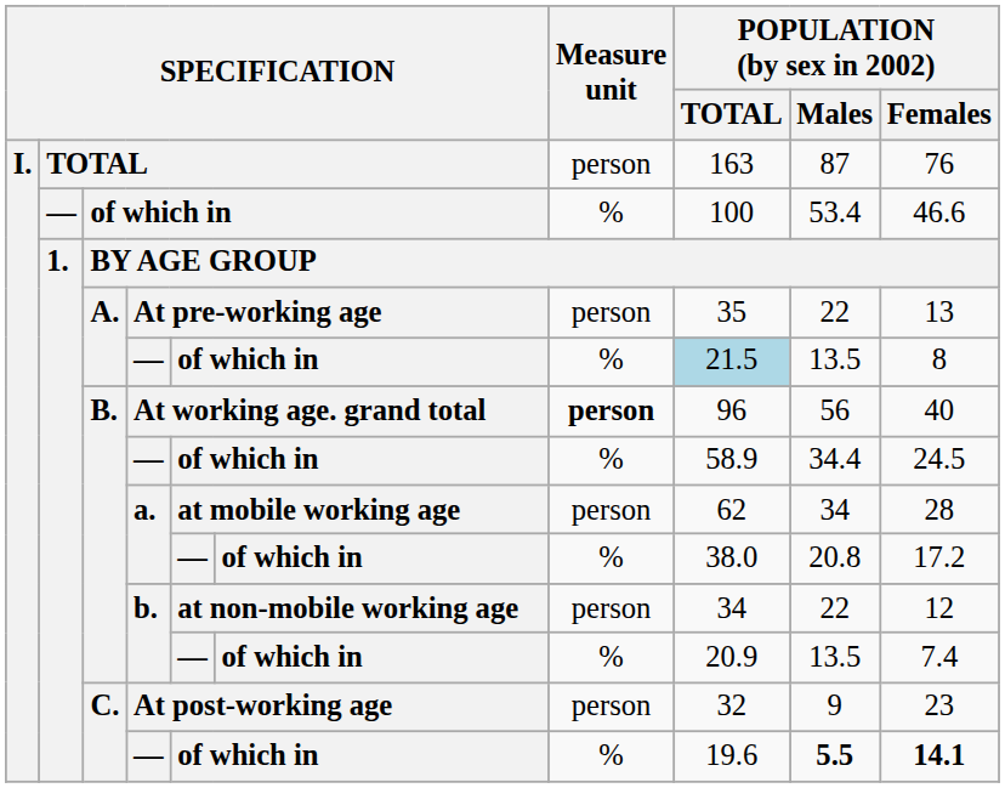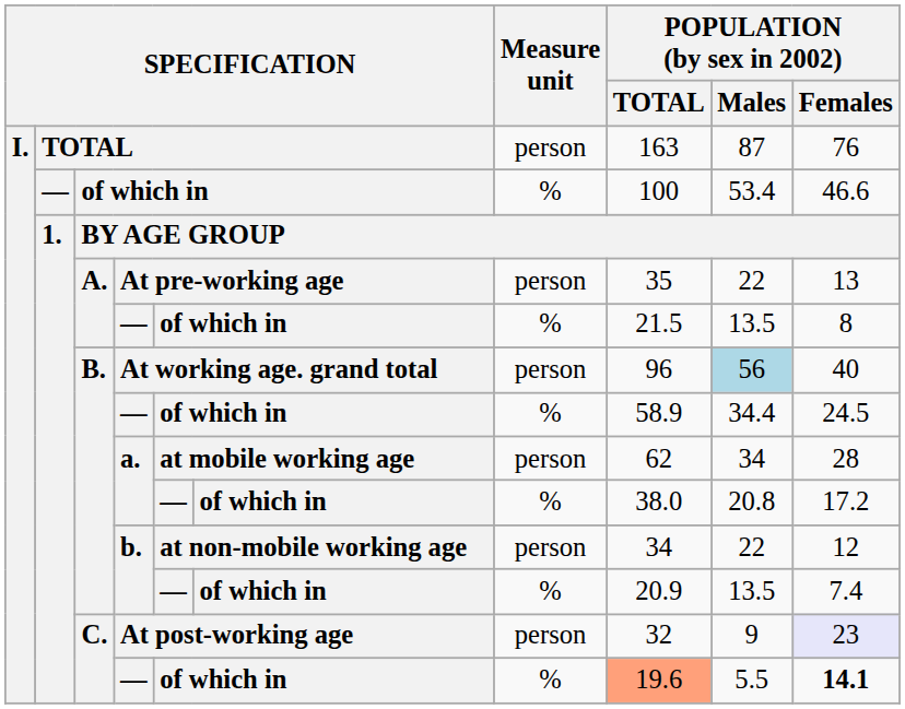 <table class="wikitable" style="font-size:85%; text-align:center">
 <tr>
 <th rowspan="2" colspan="6">SPECIFICATION</th>
 <th rowspan="2">Measure<br> unit</th>
 <th colspan="3" rowspan="1">POPULATION<br> (by sex in 2002)</th>
 </tr>
 <tr>
 <th>TOTAL</th>
 <th>Males</th>
 <th>Females</th>
 </tr>
 <tr>
 <th style="text-align:left" valign="top" rowspan="13">I.</th>
 <th style="text-align:left" colspan="5">TOTAL</th>
 <td>person</td>
 <td>163</td>
 <td>87</td>
 <td>76</td>
 </tr>
 <tr>
 <th style="text-align:left" valign="top">—</th>
 <th style="text-align:left" colspan="4">of which in</th>
 <td>%</td>
 <td>100</td>
 <td>53.4</td>
 <td>46.6</td>
 </tr>
 <tr>
 <th style="text-align:left" valign="top" rowspan="11">1.</th>
 <th style="text-align:left" colspan="19">BY AGE GROUP</th>
 </tr>
 <tr>
 <th style="text-align:left" valign="top" rowspan="2">A.</th>
 <th style="text-align:left" colspan="3">At pre-working age</th>
 <td>person</td>
 <td>35</td>
 <td>22</td>
 <td>13</td>
 </tr>
 <tr>
 <th style="text-align:left" valign="top">—</th>
 <th style="text-align:left" valign="top" colspan="2">of which in</th>
 <td>%</td>
-<td style="background: lightblue;">21.5</td>
+<td>21.5</td>
 <td>13.5</td>
 <td>8</td>
 </tr>
 <tr>
 <th style="text-align:left" valign="top" rowspan="6">B.</th>
 <th style="text-align:left" colspan="3">At working age. grand total</th>
-<td><strong>person</strong></td>
+<td>person</td>
 <td>96</td>
-<td>56</td>
+<td style="background: lightblue;">56</td>
 <td>40</td>
 </tr>
 <tr>
 <th style="text-align:left" valign="top">—</th>
 <th style="text-align:left" valign="top" colspan="2">of which in</th>
 <td>%</td>
 <td>58.9</td>
 <td>34.4</td>
 <td>24.5</td>
 </tr>
 <tr>
 <th style="text-align:left" valign="top" rowspan="2">a.</th>
 <th style="text-align:left" colspan="2">at mobile working age</th>
 <td>person</td>
 <td>62</td>
 <td>34</td>
 <td>28</td>
 </tr>
 <tr>
 <th style="text-align:left" valign="top">—</th>
 <th style="text-align:left" valign="top" colspan="1">of which in                        </th>
 <td>%</td>
 <td>38.0</td>
 <td>20.8</td>
 <td>17.2</td>
 </tr>
 <tr>
 <th style="text-align:left" valign="top" rowspan="2">b.</th>
 <th style="text-align:left" colspan="2">at non-mobile working age</th>
 <td>person</td>
 <td>34</td>
 <td>22</td>
 <td>12</td>
 </tr>
 <tr>
 <th style="text-align:left" valign="top">—</th>
 <th style="text-align:left" valign="top" colspan="1">of which in                        </th>
 <td>%</td>
 <td>20.9</td>
 <td>13.5</td>
 <td>7.4</td>
 </tr>
 <tr>
 <th style="text-align:left" valign="top" rowspan="2">C.</th>
 <th style="text-align:left" colspan="3">At post-working age</th>
 <td>person</td>
 <td>32</td>
 <td>9</td>
-<td>23</td>
+<td style="background: lavender;">23</td>
 </tr>
 <tr>
 <th style="text-align:left" valign="top">—</th>
 <th style="text-align:left" valign="top" colspan="2">of which in</th>
 <td>%</td>
-<td>19.6</td>
-<td><strong>5.5</strong></td>
+<td style="background: lightsalmon;">19.6</td>
+<td>5.5</td>
 <td><strong>14.1</strong></td>
 </tr>
 </table>
